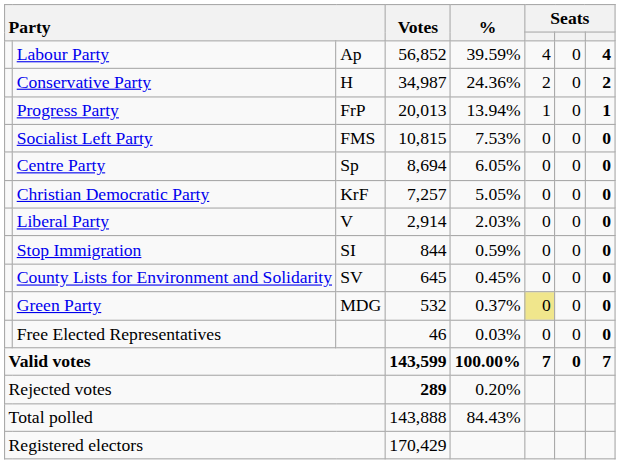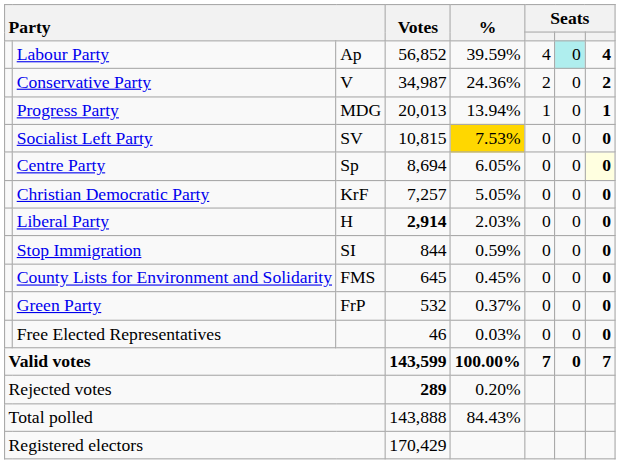 <table class="wikitable" border="1" style="text-align:right;">
 <tr>
 <th style="text-align:left;" valign=bottom rowspan=2 colspan=3>Party</th>
 <th align=center valign=bottom rowspan=2 width="50">Votes</th>
 <th align=center valign=bottom rowspan=2 width="50">%</th>
 <th colspan=3>Seats</th>
 </tr>
 <tr>
 <th align=center valign=bottom width="20"><small></small></th>
 <th align=center valign=bottom width="20"><small><a href='#'></a></small></th>
 <th align=center valign=bottom width="20"><small></small></th>
 </tr>
 <tr>
 <td style="color:inherit;background:"></td>
 <td align=left><a href='#'>Labour Party</a></td>
 <td align=left>Ap</td>
 <td>56,852</td>
 <td>39.59%</td>
 <td>4</td>
-<td>0</td>
+<td style="background: paleturquoise;">0</td>
 <td><strong>4</strong></td>
 </tr>
 <tr>
 <td style="color:inherit;background:"></td>
 <td align=left><a href='#'>Conservative Party</a></td>
-<td align=left>H</td>
+<td align=left>V</td>
 <td>34,987</td>
 <td>24.36%</td>
 <td>2</td>
 <td>0</td>
 <td><strong>2</strong></td>
 </tr>
 <tr>
 <td style="color:inherit;background:"></td>
 <td align=left><a href='#'>Progress Party</a></td>
-<td align=left>FrP</td>
+<td align=left>MDG</td>
 <td>20,013</td>
 <td>13.94%</td>
 <td>1</td>
 <td>0</td>
 <td><strong>1</strong></td>
 </tr>
 <tr>
 <td style="color:inherit;background:"></td>
 <td align=left><a href='#'>Socialist Left Party</a></td>
-<td align=left>FMS</td>
+<td align=left>SV</td>
 <td>10,815</td>
-<td>7.53%</td>
+<td style="background: gold;">7.53%</td>
 <td>0</td>
 <td>0</td>
 <td><strong>0</strong></td>
 </tr>
 <tr>
 <td style="color:inherit;background:"></td>
 <td align=left><a href='#'>Centre Party</a></td>
 <td align=left>Sp</td>
 <td>8,694</td>
 <td>6.05%</td>
 <td>0</td>
 <td>0</td>
-<td><strong>0</strong></td>
+<td style="background: lightyellow;"><strong>0</strong></td>
 </tr>
 <tr>
 <td style="color:inherit;background:"></td>
 <td align=left><a href='#'>Christian Democratic Party</a></td>
 <td align=left>KrF</td>
 <td>7,257</td>
 <td>5.05%</td>
 <td>0</td>
 <td>0</td>
 <td><strong>0</strong></td>
 </tr>
 <tr>
 <td style="color:inherit;background:"></td>
 <td align=left><a href='#'>Liberal Party</a></td>
-<td align=left>V</td>
-<td>2,914</td>
+<td align=left>H</td>
+<td><strong>2,914</strong></td>
 <td>2.03%</td>
 <td>0</td>
 <td>0</td>
 <td><strong>0</strong></td>
 </tr>
 <tr>
 <td style="color:inherit;background:"></td>
 <td align=left><a href='#'>Stop Immigration</a></td>
 <td align=left>SI</td>
 <td>844</td>
 <td>0.59%</td>
 <td>0</td>
 <td>0</td>
 <td><strong>0</strong></td>
 </tr>
 <tr>
 <td></td>
 <td align=left><a href='#'>County Lists for Environment and Solidarity</a></td>
-<td align=left>SV</td>
+<td align=left>FMS</td>
 <td>645</td>
 <td>0.45%</td>
 <td>0</td>
 <td>0</td>
 <td><strong>0</strong></td>
 </tr>
 <tr>
 <td style="color:inherit;background:"></td>
 <td align=left><a href='#'>Green Party</a></td>
-<td align=left>MDG</td>
+<td align=left>FrP</td>
 <td>532</td>
 <td>0.37%</td>
-<td style="background: khaki;">0</td>
+<td>0</td>
 <td>0</td>
 <td><strong>0</strong></td>
 </tr>
 <tr>
 <td></td>
 <td align=left>Free Elected Representatives</td>
 <td align=left></td>
 <td>46</td>
 <td>0.03%</td>
 <td>0</td>
 <td>0</td>
 <td><strong>0</strong></td>
 </tr>
 <tr style="font-weight:bold">
 <td align=left colspan=3>Valid votes</td>
 <td>143,599</td>
 <td>100.00%</td>
 <td>7</td>
 <td>0</td>
 <td>7</td>
 </tr>
 <tr>
 <td align=left colspan=3>Rejected votes</td>
 <td><strong>289</strong></td>
 <td>0.20%</td>
 <td></td>
 <td></td>
 <td></td>
 </tr>
 <tr>
 <td align=left colspan=3>Total polled</td>
 <td>143,888</td>
 <td>84.43%</td>
 <td></td>
 <td></td>
 <td></td>
 </tr>
 <tr>
 <td align=left colspan=3>Registered electors</td>
 <td>170,429</td>
 <td></td>
 <td></td>
 <td></td>
 <td></td>
 </tr>
 </table>
